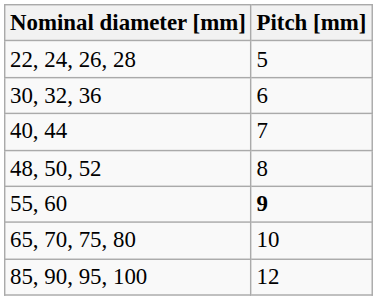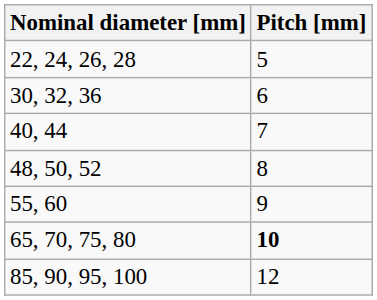 <table class="wikitable" border="1">
 <tr>
 <th>Nominal diameter [mm]</th>
 <th>Pitch [mm]</th>
 </tr>
 <tr>
 <td>22, 24, 26, 28</td>
 <td>5</td>
 </tr>
 <tr>
 <td>30, 32, 36</td>
 <td>6</td>
 </tr>
 <tr>
 <td>40, 44</td>
 <td>7</td>
 </tr>
 <tr>
 <td>48, 50, 52</td>
 <td>8</td>
 </tr>
 <tr>
 <td>55, 60</td>
-<td><strong>9</strong></td>
+<td>9</td>
 </tr>
 <tr>
 <td>65, 70, 75, 80</td>
-<td>10</td>
+<td><strong>10</strong></td>
 </tr>
 <tr>
 <td>85, 90, 95, 100</td>
 <td>12</td>
 </tr>
 </table>
